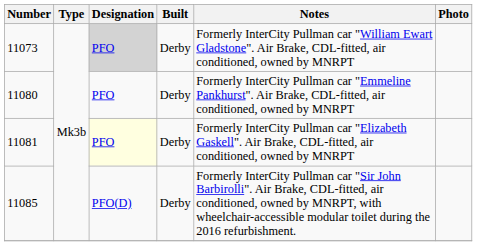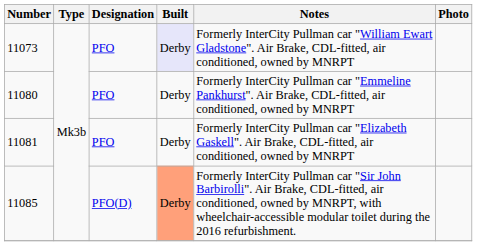 <table class="wikitable">
 <tr>
 <th>Number</th>
 <th>Type</th>
 <th>Designation</th>
 <th>Built</th>
 <th>Notes</th>
 <th>Photo</th>
 </tr>
 <tr>
 <td>11073</td>
 <td rowspan=4>Mk3b</td>
-<td style="background: lightgrey;"><a href='#'>PFO</a></td>
-<td>Derby</td>
+<td><a href='#'>PFO</a></td>
+<td style="background: lavender;">Derby</td>
 <td>Formerly InterCity Pullman car "<a href='#'>William Ewart Gladstone</a>". Air Brake, CDL-fitted, air conditioned, owned by MNRPT</td>
 <td></td>
 </tr>
 <tr>
 <td>11080</td>
 <td><a href='#'>PFO</a></td>
 <td>Derby</td>
 <td>Formerly InterCity Pullman car "<a href='#'>Emmeline Pankhurst</a>". Air Brake, CDL-fitted, air conditioned, owned by MNRPT</td>
 <td></td>
 </tr>
 <tr>
 <td>11081</td>
-<td style="background: lightyellow;"><a href='#'>PFO</a></td>
+<td><a href='#'>PFO</a></td>
 <td>Derby</td>
 <td>Formerly InterCity Pullman car "<a href='#'>Elizabeth Gaskell</a>". Air Brake, CDL-fitted, air conditioned, owned by MNRPT</td>
 <td></td>
 </tr>
 <tr>
 <td>11085</td>
 <td><a href='#'>PFO(D)</a></td>
-<td>Derby</td>
+<td style="background: lightsalmon;">Derby</td>
 <td>Formerly InterCity Pullman car "<a href='#'>Sir John Barbirolli</a>". Air Brake, CDL-fitted, air conditioned, owned by MNRPT, with wheelchair-accessible modular toilet during the 2016 refurbishment.</td>
 <td></td>
 </tr>
 <tr>
 </tr>
 </table>
